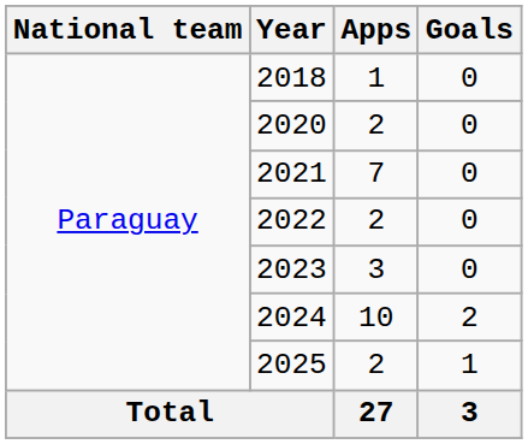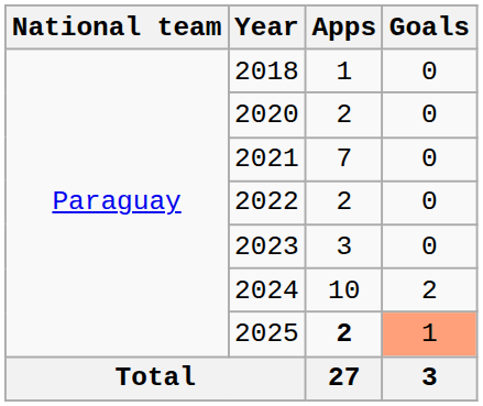 <table class="wikitable" style="text-align:center">
 <tr>
 <th>National team</th>
 <th>Year</th>
 <th>Apps</th>
 <th>Goals</th>
 </tr>
 <tr>
 <td rowspan="7"><a href='#'>Paraguay</a></td>
 <td>2018</td>
 <td>1</td>
 <td>0</td>
 </tr>
 <tr>
 <td>2020</td>
 <td>2</td>
 <td>0</td>
 </tr>
 <tr>
 <td>2021</td>
 <td>7</td>
 <td>0</td>
 </tr>
 <tr>
 <td>2022</td>
 <td>2</td>
 <td>0</td>
 </tr>
 <tr>
 <td>2023</td>
 <td>3</td>
 <td>0</td>
 </tr>
 <tr>
 <td>2024</td>
 <td>10</td>
 <td>2</td>
 </tr>
 <tr>
 <td>2025</td>
-<td>2</td>
-<td>1</td>
+<td><strong>2</strong></td>
+<td style="background: lightsalmon;">1</td>
 </tr>
 <tr>
 <th colspan="2">Total</th>
 <th>27</th>
 <th>3</th>
 </tr>
 </table>
